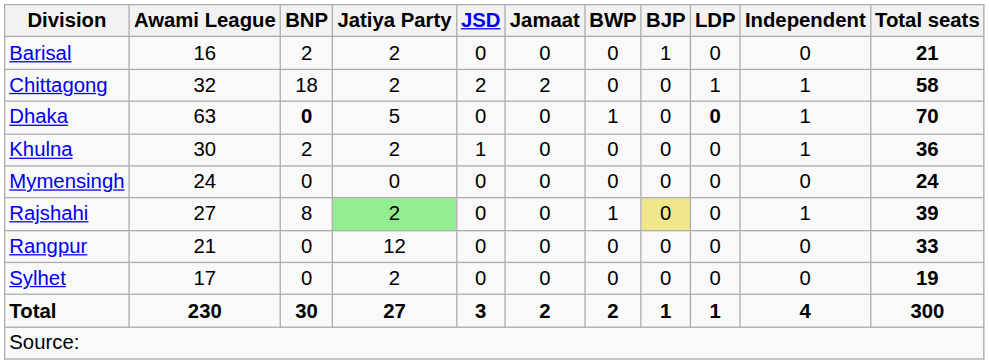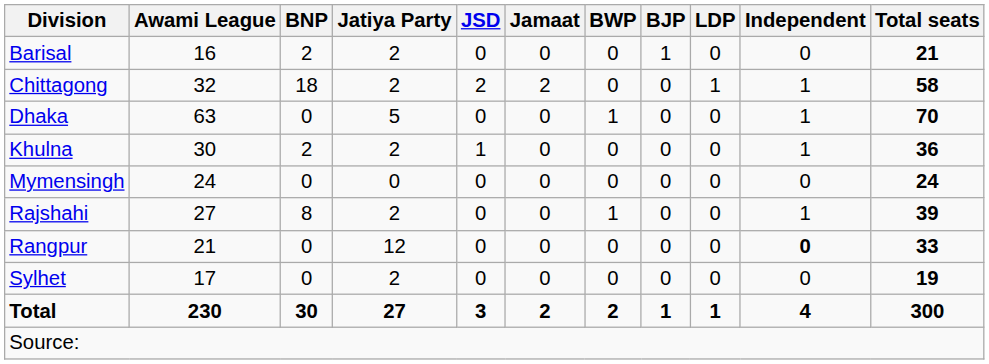 <table class="wikitable sortable" style="text-align:center">
 <tr>
 <th>Division</th>
 <th>Awami League</th>
 <th>BNP</th>
 <th>Jatiya Party</th>
 <th><a href='#'>JSD</a></th>
 <th>Jamaat</th>
 <th>BWP</th>
 <th>BJP</th>
 <th>LDP</th>
 <th>Independent</th>
 <th>Total seats</th>
 </tr>
 <tr>
 <td style="text-align:left"><a href='#'>Barisal</a></td>
 <td>16</td>
 <td>2</td>
 <td>2</td>
 <td>0</td>
 <td>0</td>
 <td>0</td>
 <td>1</td>
 <td>0</td>
 <td>0</td>
 <td><strong>21</strong></td>
 </tr>
 <tr>
 <td style="text-align:left"><a href='#'>Chittagong</a></td>
 <td>32</td>
 <td>18</td>
 <td>2</td>
 <td>2</td>
 <td>2</td>
 <td>0</td>
 <td>0</td>
 <td>1</td>
 <td>1</td>
 <td><strong>58</strong></td>
 </tr>
 <tr>
 <td style="text-align:left"><a href='#'>Dhaka</a></td>
 <td>63</td>
-<td><strong>0</strong></td>
+<td>0</td>
 <td>5</td>
 <td>0</td>
 <td>0</td>
 <td>1</td>
 <td>0</td>
-<td><strong>0</strong></td>
+<td>0</td>
 <td>1</td>
 <td><strong>70</strong></td>
 </tr>
 <tr>
 <td style="text-align:left"><a href='#'>Khulna</a></td>
 <td>30</td>
 <td>2</td>
 <td>2</td>
 <td>1</td>
 <td>0</td>
 <td>0</td>
 <td>0</td>
 <td>0</td>
 <td>1</td>
 <td><strong>36</strong></td>
 </tr>
 <tr>
 <td style="text-align:left"><a href='#'>Mymensingh</a></td>
 <td>24</td>
 <td>0</td>
 <td>0</td>
 <td>0</td>
 <td>0</td>
 <td>0</td>
 <td>0</td>
 <td>0</td>
 <td>0</td>
 <td><strong>24</strong></td>
 </tr>
 <tr>
 <td style="text-align:left"><a href='#'>Rajshahi</a></td>
 <td>27</td>
 <td>8</td>
-<td style="background: lightgreen;">2</td>
+<td>2</td>
 <td>0</td>
 <td>0</td>
 <td>1</td>
-<td style="background: khaki;">0</td>
+<td>0</td>
 <td>0</td>
 <td>1</td>
 <td><strong>39</strong></td>
 </tr>
 <tr>
 <td style="text-align:left"><a href='#'>Rangpur</a></td>
 <td>21</td>
 <td>0</td>
 <td>12</td>
 <td>0</td>
 <td>0</td>
 <td>0</td>
 <td>0</td>
 <td>0</td>
-<td>0</td>
+<td><strong>0</strong></td>
 <td><strong>33</strong></td>
 </tr>
 <tr>
 <td style="text-align:left"><a href='#'>Sylhet</a></td>
 <td>17</td>
 <td>0</td>
 <td>2</td>
 <td>0</td>
 <td>0</td>
 <td>0</td>
 <td>0</td>
 <td>0</td>
 <td>0</td>
 <td><strong>19</strong></td>
 </tr>
 <tr>
 <td style="text-align:left"><strong>Total</strong></td>
 <td><strong>230</strong></td>
 <td><strong>30</strong></td>
 <td><strong>27</strong></td>
 <td><strong>3</strong></td>
 <td><strong>2</strong></td>
 <td><strong>2</strong></td>
 <td><strong>1</strong></td>
 <td><strong>1</strong></td>
 <td><strong>4</strong></td>
 <td><strong>300</strong></td>
 </tr>
 <tr class=sortbottom>
 <td align=left colspan=11>Source: </td>
 </tr>
 </table>
